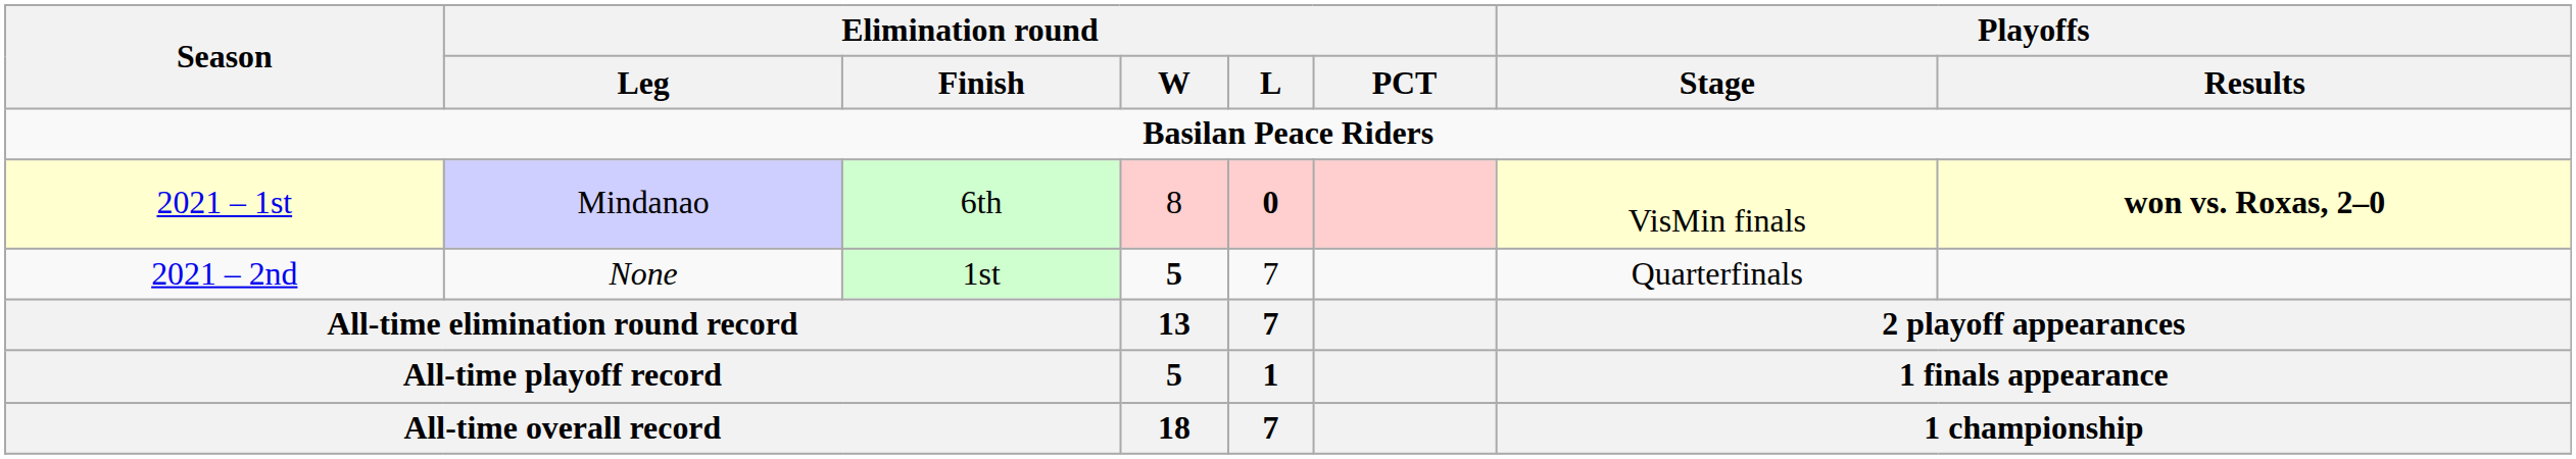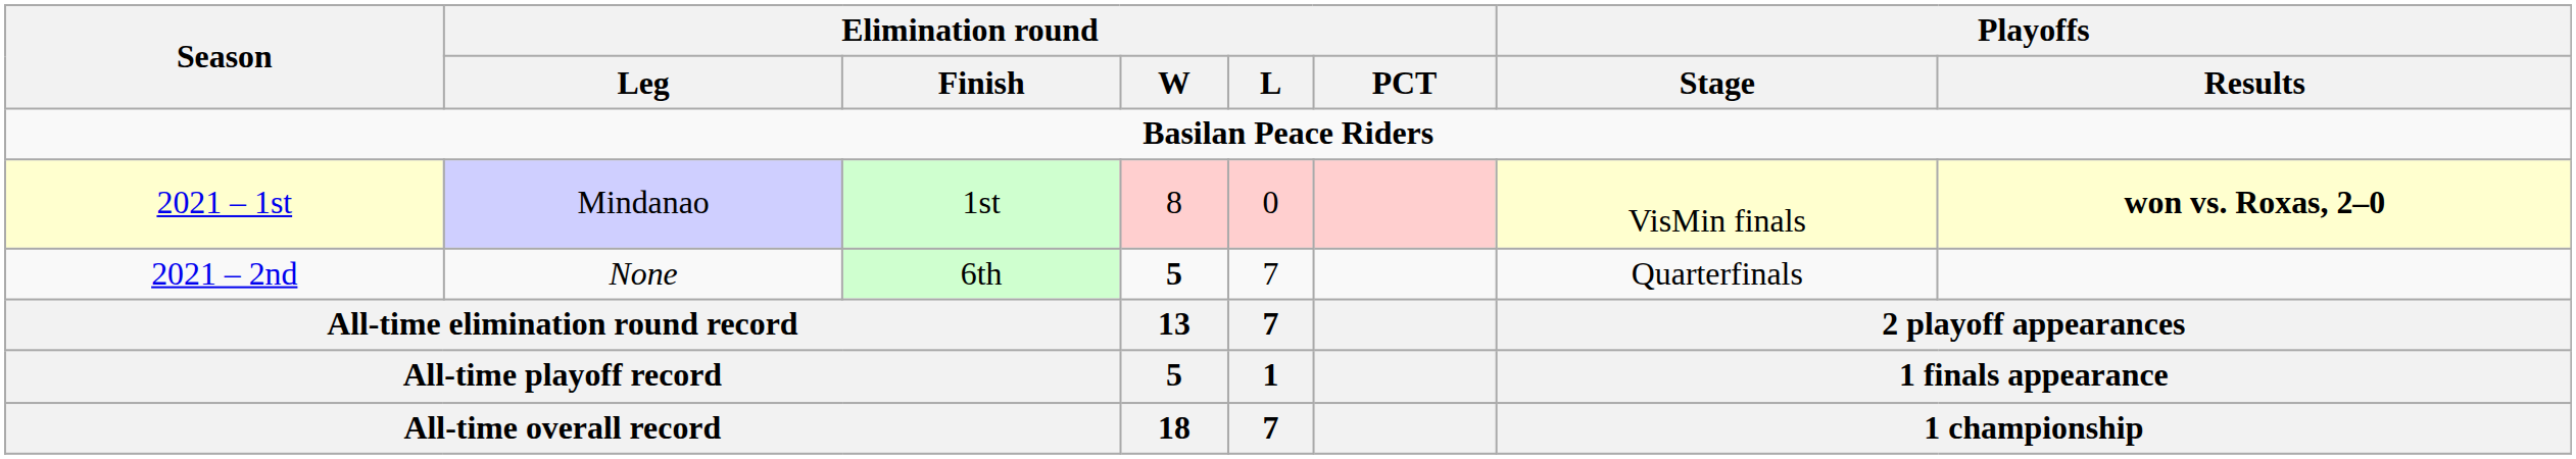 <table class=wikitable style="width:100%; text-align:center">
 <tr>
 <th rowspan=2>Season</th>
 <th colspan=5>Elimination round</th>
 <th colspan=2>Playoffs</th>
 </tr>
 <tr>
 <th>Leg</th>
 <th>Finish</th>
 <th>W</th>
 <th>L</th>
 <th>PCT</th>
 <th>Stage</th>
 <th>Results</th>
 </tr>
 <tr>
 <td colspan=10><span><strong>Basilan Peace Riders</strong></span></td>
 </tr>
 <tr>
 <td bgcolor="#FFFFCF"><a href='#'>2021 – 1st</a></td>
 <td bgcolor="#CFCFFF">Mindanao</td>
-<td bgcolor="#CFFFCF">6th</td>
+<td bgcolor="#CFFFCF">1st</td>
 <td bgcolor="#FFCFCF">8</td>
-<td bgcolor="#FFCFCF"><strong>0</strong></td>
+<td bgcolor="#FFCFCF">0</td>
 <td bgcolor="#FFCFCF"></td>
 <td bgcolor="#FFFFCF"> <br> VisMin finals</td>
 <td bgcolor="#FFFFCF"><strong>won vs. Roxas, 2–0</strong> <br> </td>
 </tr>
 <tr>
 <td><a href='#'>2021 – 2nd</a> <br> </td>
 <td><em>None</em></td>
-<td bgcolor="#CFFFCF">1st</td>
+<td bgcolor="#CFFFCF">6th</td>
 <td><strong>5</strong></td>
 <td>7</td>
 <td></td>
 <td>Quarterfinals</td>
 <td></td>
 </tr>
 <tr>
 <th colspan=3>All-time elimination round record</th>
 <th>13</th>
 <th>7</th>
 <th></th>
 <th colspan=2>2 playoff appearances</th>
 </tr>
 <tr>
 <th colspan=3>All-time playoff record</th>
 <th>5</th>
 <th>1</th>
 <th></th>
 <th colspan=2>1 finals appearance</th>
 </tr>
 <tr>
 <th colspan=3>All-time overall record</th>
 <th>18</th>
 <th>7</th>
 <th></th>
 <th colspan=2>1 championship</th>
 </tr>
 </table>
